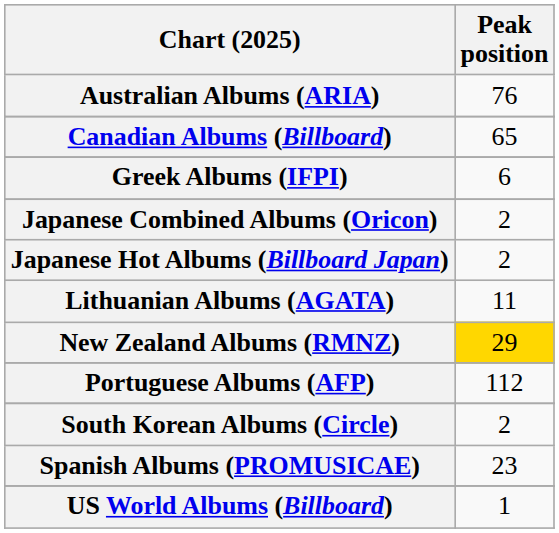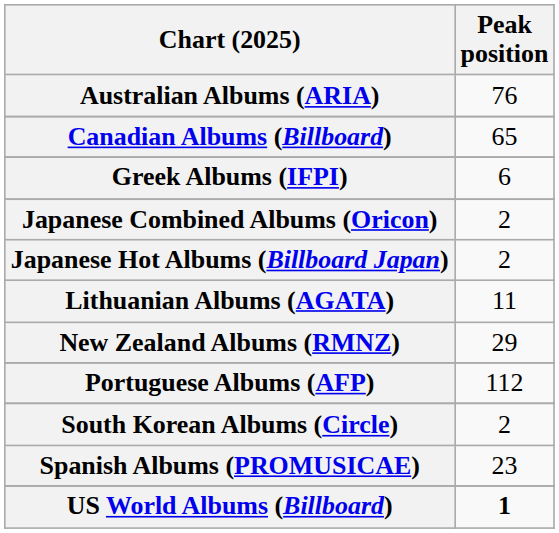 <table class="wikitable sortable plainrowheaders" style="text-align:center">
 <tr>
 <th scope="col">Chart (2025)</th>
 <th scope="col">Peak<br>position</th>
 </tr>
 <tr>
 <th scope="row">Australian Albums (<a href='#'>ARIA</a>)</th>
 <td>76</td>
 </tr>
 <tr>
 </tr>
 <tr>
 </tr>
 <tr>
 </tr>
 <tr>
 <th scope="row"><a href='#'>Canadian Albums</a> (<em><a href='#'>Billboard</a></em>)</th>
 <td>65</td>
 </tr>
 <tr>
 </tr>
 <tr>
 </tr>
 <tr>
 <th scope="row">Greek Albums (<a href='#'>IFPI</a>)</th>
 <td>6</td>
 </tr>
 <tr>
 </tr>
 <tr>
 <th scope="row">Japanese Combined Albums (<a href='#'>Oricon</a>)</th>
 <td>2</td>
 </tr>
 <tr>
 <th scope="row">Japanese Hot Albums (<em><a href='#'>Billboard Japan</a></em>)</th>
 <td>2</td>
 </tr>
 <tr>
 <th scope="row">Lithuanian Albums (<a href='#'>AGATA</a>)</th>
 <td>11</td>
 </tr>
 <tr>
 <th scope="row">New Zealand Albums (<a href='#'>RMNZ</a>)</th>
-<td style="background: gold;">29</td>
+<td>29</td>
 </tr>
 <tr>
 </tr>
 <tr>
 <th scope="row">Portuguese Albums (<a href='#'>AFP</a>)</th>
 <td>112</td>
 </tr>
 <tr>
 </tr>
 <tr>
 <th scope="row">South Korean Albums (<a href='#'>Circle</a>)</th>
 <td>2</td>
 </tr>
 <tr>
 <th scope="row">Spanish Albums (<a href='#'>PROMUSICAE</a>)</th>
 <td>23</td>
 </tr>
 <tr>
 </tr>
 <tr>
 </tr>
 <tr>
 </tr>
 <tr>
 <th scope="row">US <a href='#'>World Albums</a> (<em><a href='#'>Billboard</a></em>)</th>
-<td>1</td>
+<td><strong>1</strong></td>
 </tr>
 </table>
